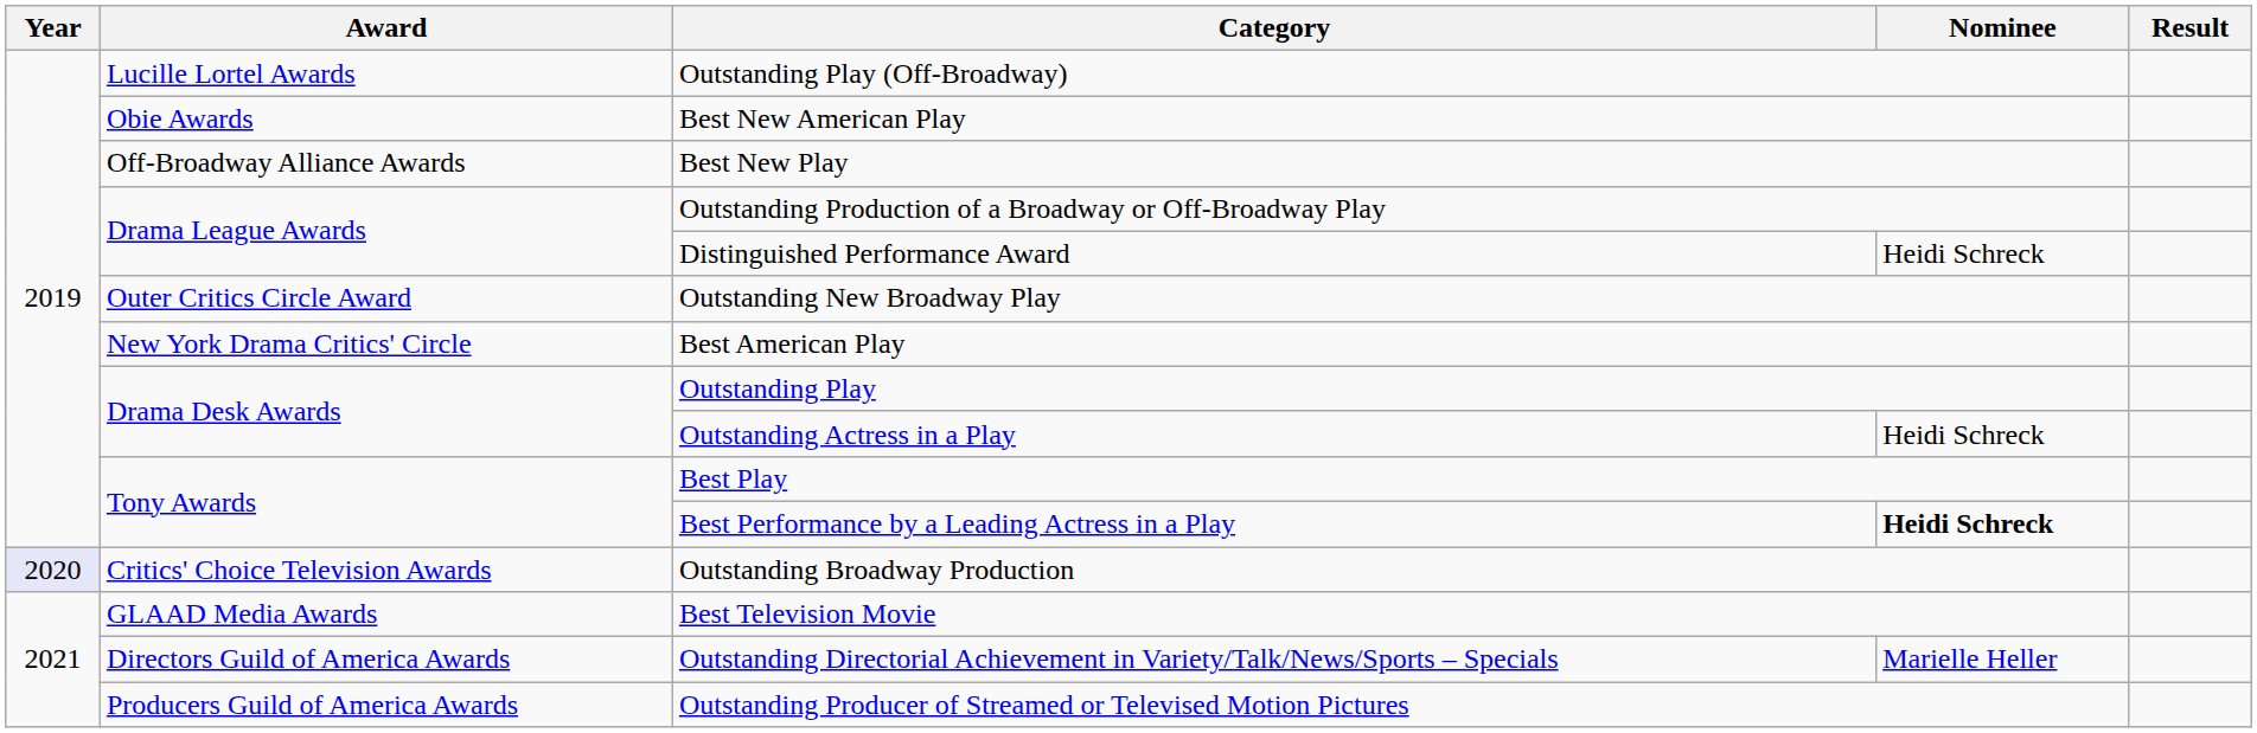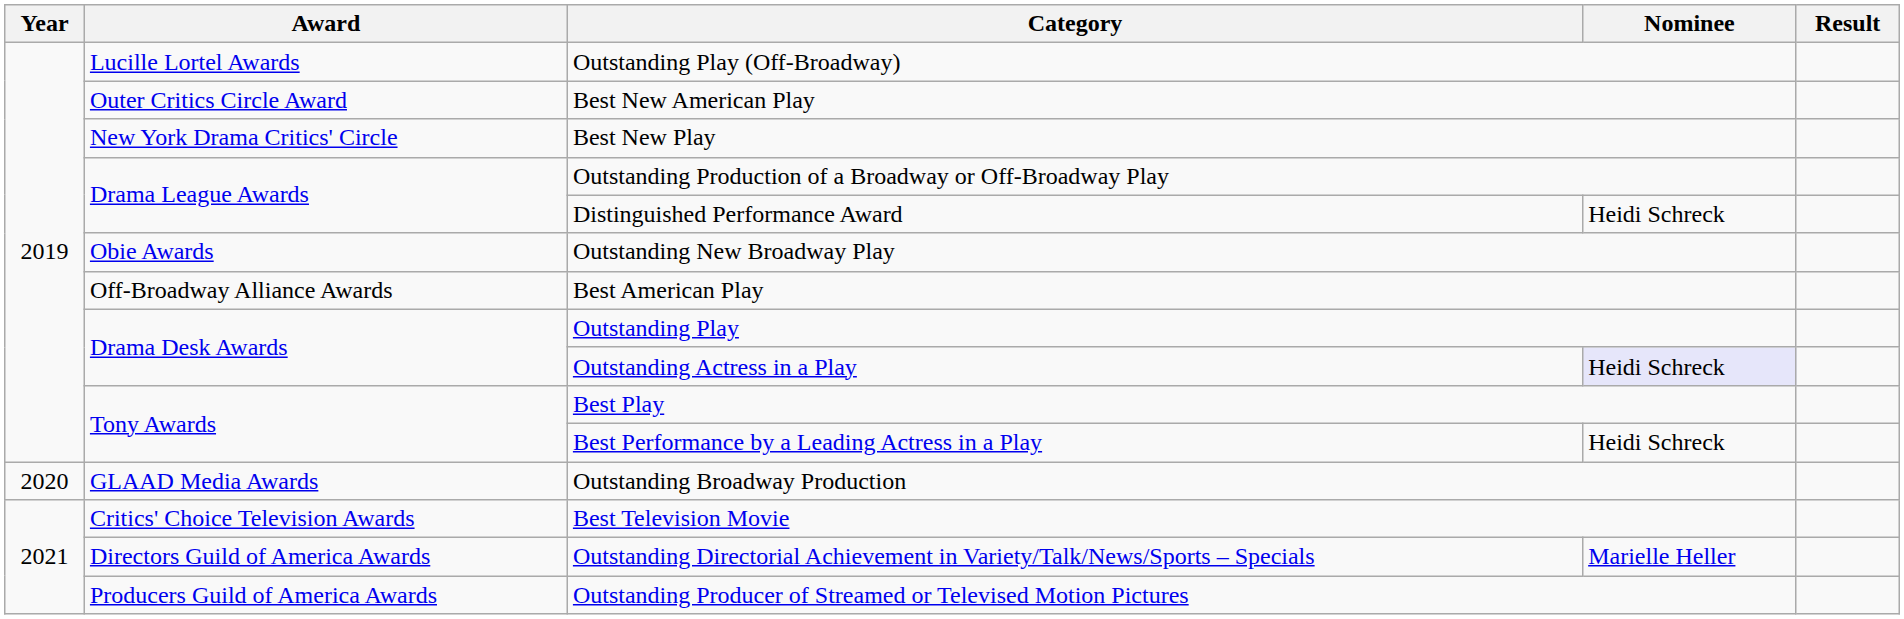 <table class="wikitable" style="width:100%;">
 <tr>
 <th>Year</th>
 <th><strong>Award</strong></th>
 <th><strong>Category</strong></th>
 <th><strong>Nominee</strong></th>
 <th><strong>Result</strong></th>
 </tr>
 <tr>
 <td align="center" rowspan="11">2019</td>
 <td><a href='#'>Lucille Lortel Awards</a></td>
 <td colspan="2">Outstanding Play (Off-Broadway)</td>
 <td></td>
 </tr>
 <tr>
-<td><a href='#'>Obie Awards</a></td>
+<td><a href='#'>Outer Critics Circle Award</a></td>
 <td colspan="2">Best New American Play</td>
 <td></td>
 </tr>
 <tr>
-<td>Off-Broadway Alliance Awards</td>
+<td><a href='#'>New York Drama Critics' Circle</a></td>
 <td colspan="2">Best New Play</td>
 <td></td>
 </tr>
 <tr>
 <td rowspan="2"><a href='#'>Drama League Awards</a></td>
 <td colspan="2">Outstanding Production of a Broadway or Off-Broadway Play</td>
 <td></td>
 </tr>
 <tr>
 <td>Distinguished Performance Award</td>
 <td>Heidi Schreck</td>
 <td></td>
 </tr>
 <tr>
-<td><a href='#'>Outer Critics Circle Award</a></td>
+<td><a href='#'>Obie Awards</a></td>
 <td colspan="2">Outstanding New Broadway Play</td>
 <td></td>
 </tr>
 <tr>
-<td><a href='#'>New York Drama Critics' Circle</a></td>
+<td>Off-Broadway Alliance Awards</td>
 <td colspan="2">Best American Play</td>
 <td></td>
 </tr>
 <tr>
 <td rowspan="2"><a href='#'>Drama Desk Awards</a></td>
 <td colspan="2"><a href='#'>Outstanding Play</a></td>
 <td></td>
 </tr>
 <tr>
 <td><a href='#'>Outstanding Actress in a Play</a></td>
-<td>Heidi Schreck</td>
+<td style="background: lavender;">Heidi Schreck</td>
 <td></td>
 </tr>
 <tr>
 <td rowspan="2"><a href='#'>Tony Awards</a></td>
 <td colspan="2"><a href='#'>Best Play</a></td>
 <td></td>
 </tr>
 <tr>
 <td><a href='#'>Best Performance by a Leading Actress in a Play</a></td>
-<td><strong>Heidi Schreck</strong></td>
+<td>Heidi Schreck</td>
 <td></td>
 </tr>
 <tr>
-<td align="center" style="background: lavender;">2020</td>
-<td><a href='#'>Critics' Choice Television Awards</a></td>
+<td align="center">2020</td>
+<td><a href='#'>GLAAD Media Awards</a></td>
 <td colspan="2">Outstanding Broadway Production</td>
 <td></td>
 </tr>
 <tr>
 <td align="center" rowspan="3">2021</td>
-<td><a href='#'>GLAAD Media Awards</a></td>
+<td><a href='#'>Critics' Choice Television Awards</a></td>
 <td colspan="2"><a href='#'>Best Television Movie</a></td>
 <td></td>
 </tr>
 <tr>
 <td><a href='#'>Directors Guild of America Awards</a></td>
 <td><a href='#'>Outstanding Directorial Achievement in Variety/Talk/News/Sports – Specials</a></td>
 <td><a href='#'>Marielle Heller</a></td>
 <td></td>
 </tr>
 <tr>
 <td><a href='#'>Producers Guild of America Awards</a></td>
 <td colspan="2"><a href='#'>Outstanding Producer of Streamed or Televised Motion Pictures</a></td>
 <td></td>
 </tr>
 </table>
